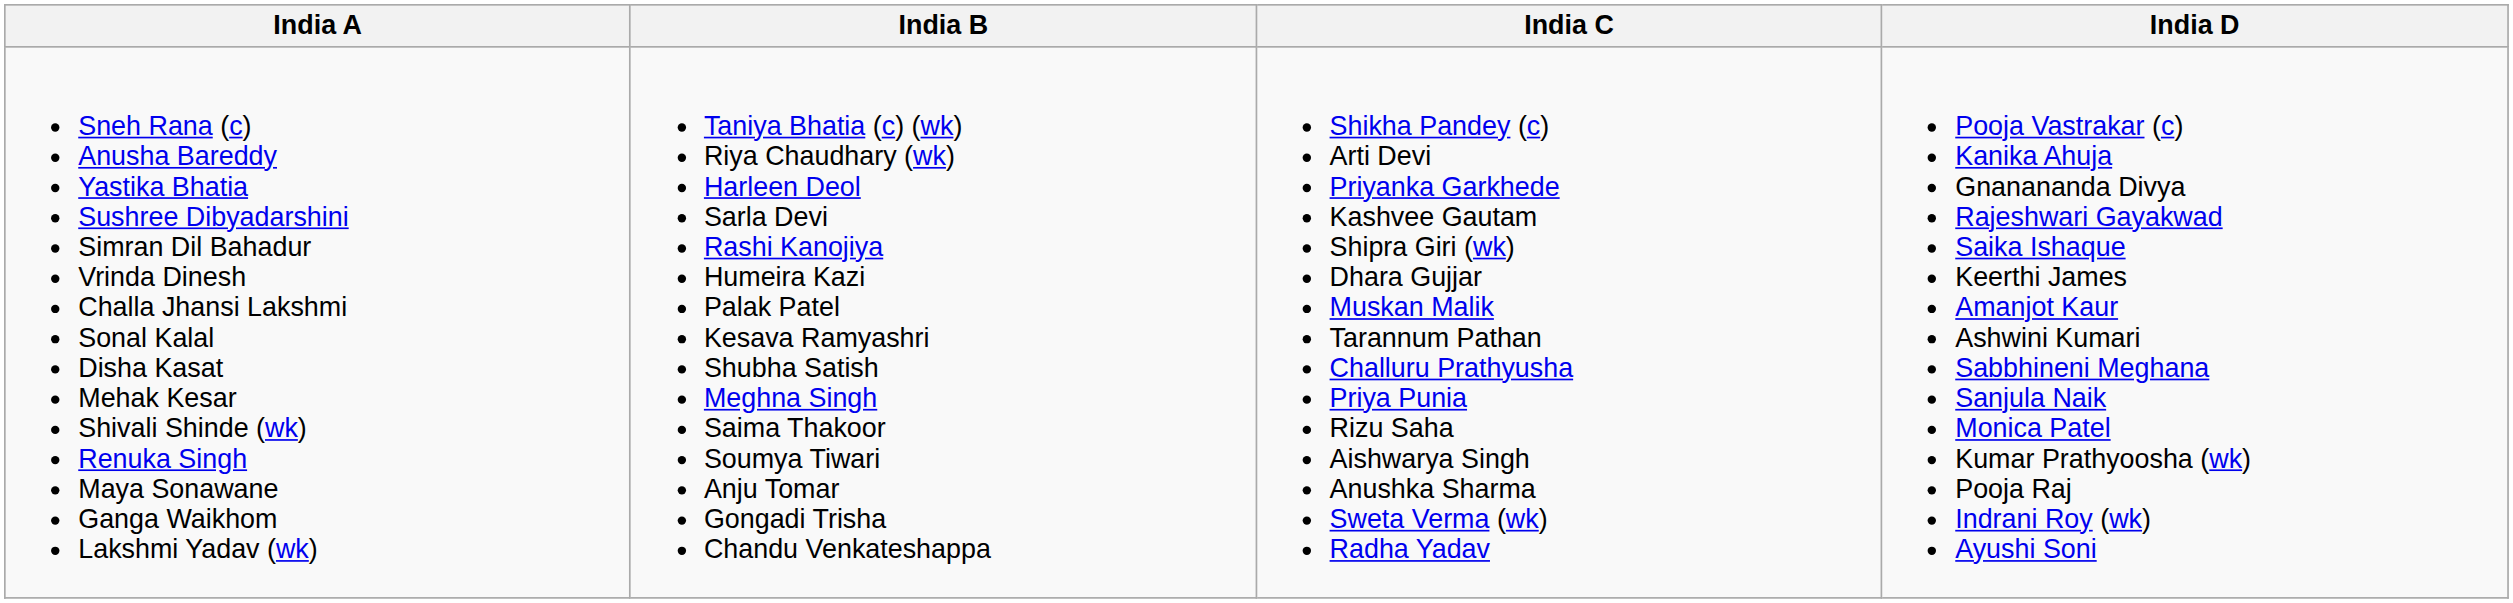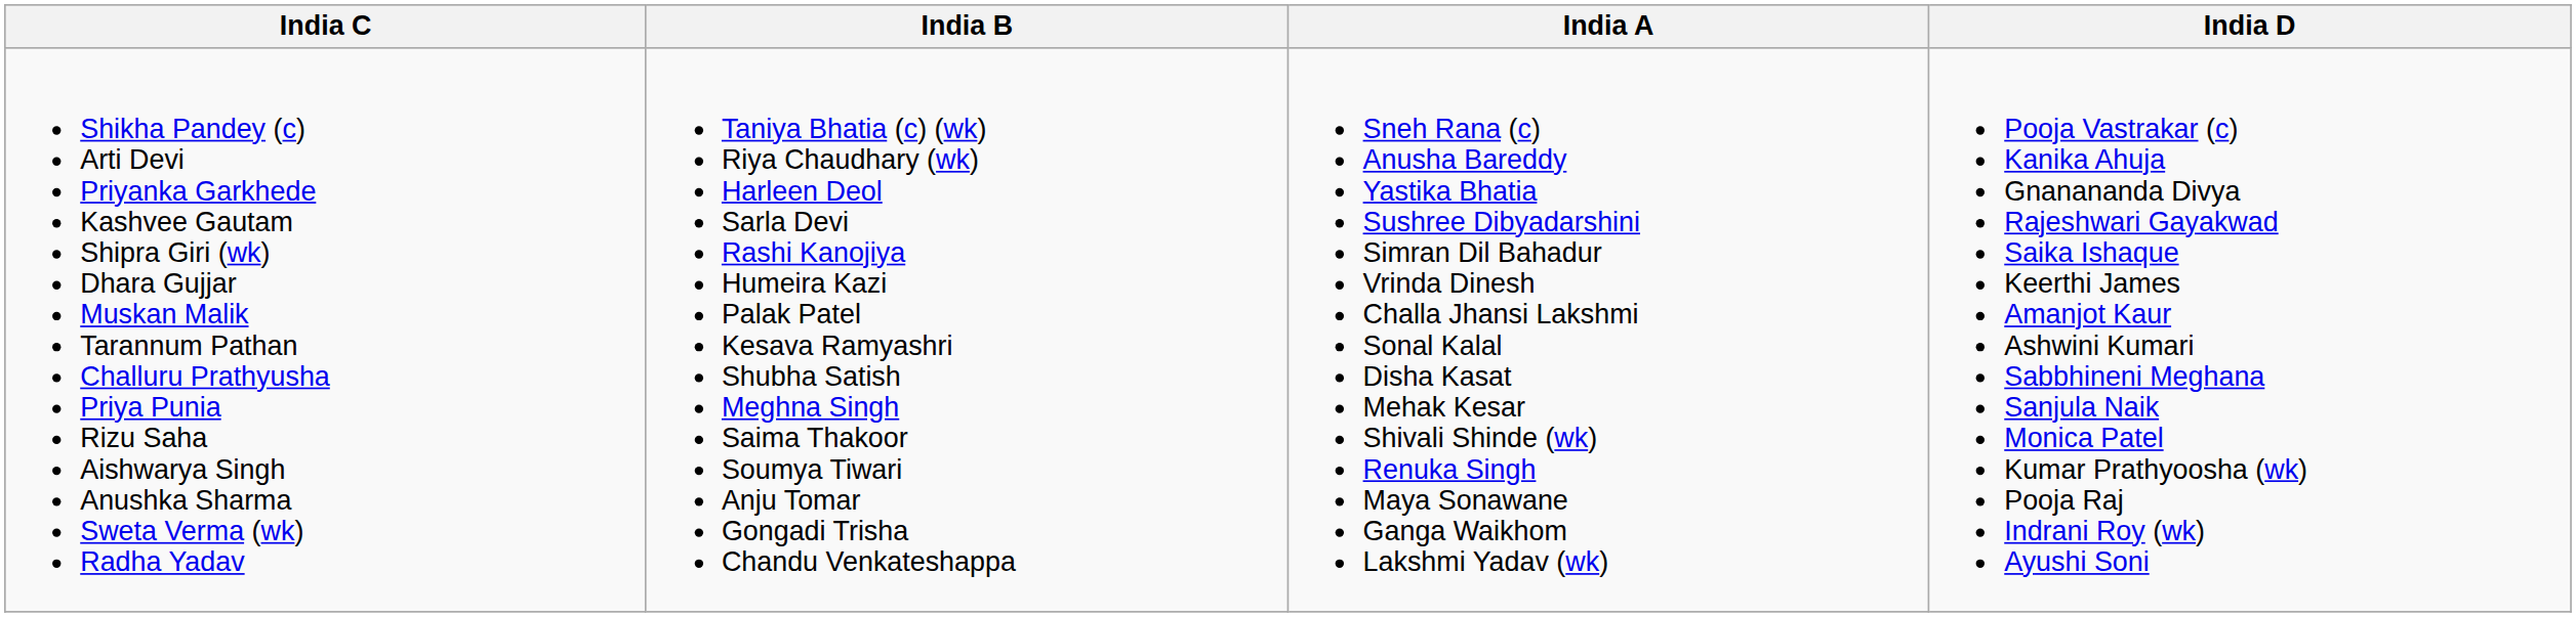 <table class="wikitable">
 <tr>
+<th style="width:15%;">India C</th>
+<th style="width:15%;">India B</th>
 <th style="width:15%;">India A</th>
-<th style="width:15%;">India B</th>
-<th style="width:15%;">India C</th>
 <th style="width:15%;">India D</th>
 </tr>
 <tr style="vertical-align:top">
+<td><br><ul><li><a href='#'>Shikha Pandey</a> (<a href='#'>c</a>)</li><li>Arti Devi</li><li><a href='#'>Priyanka Garkhede</a></li><li>Kashvee Gautam</li><li>Shipra Giri (<a href='#'>wk</a>)</li><li>Dhara Gujjar</li><li><a href='#'>Muskan Malik</a></li><li>Tarannum Pathan</li><li><a href='#'>Challuru Prathyusha</a></li><li><a href='#'>Priya Punia</a></li><li>Rizu Saha</li><li>Aishwarya Singh</li><li>Anushka Sharma</li><li><a href='#'>Sweta Verma</a> (<a href='#'>wk</a>)</li><li><a href='#'>Radha Yadav</a></li></ul></td>
+<td><br><ul><li><a href='#'>Taniya Bhatia</a> (<a href='#'>c</a>) (<a href='#'>wk</a>)</li><li>Riya Chaudhary (<a href='#'>wk</a>)</li><li><a href='#'>Harleen Deol</a></li><li>Sarla Devi</li><li><a href='#'>Rashi Kanojiya</a></li><li>Humeira Kazi</li><li>Palak Patel</li><li>Kesava Ramyashri</li><li>Shubha Satish</li><li><a href='#'>Meghna Singh</a></li><li>Saima Thakoor</li><li>Soumya Tiwari</li><li>Anju Tomar</li><li>Gongadi Trisha</li><li>Chandu Venkateshappa</li></ul></td>
 <td><br><ul><li><a href='#'>Sneh Rana</a> (<a href='#'>c</a>)</li><li><a href='#'>Anusha Bareddy</a></li><li><a href='#'>Yastika Bhatia</a></li><li><a href='#'>Sushree Dibyadarshini</a></li><li>Simran Dil Bahadur</li><li>Vrinda Dinesh</li><li>Challa Jhansi Lakshmi</li><li>Sonal Kalal</li><li>Disha Kasat</li><li>Mehak Kesar</li><li>Shivali Shinde (<a href='#'>wk</a>)</li><li><a href='#'>Renuka Singh</a></li><li>Maya Sonawane</li><li>Ganga Waikhom</li><li>Lakshmi Yadav (<a href='#'>wk</a>)</li></ul></td>
-<td><br><ul><li><a href='#'>Taniya Bhatia</a> (<a href='#'>c</a>) (<a href='#'>wk</a>)</li><li>Riya Chaudhary (<a href='#'>wk</a>)</li><li><a href='#'>Harleen Deol</a></li><li>Sarla Devi</li><li><a href='#'>Rashi Kanojiya</a></li><li>Humeira Kazi</li><li>Palak Patel</li><li>Kesava Ramyashri</li><li>Shubha Satish</li><li><a href='#'>Meghna Singh</a></li><li>Saima Thakoor</li><li>Soumya Tiwari</li><li>Anju Tomar</li><li>Gongadi Trisha</li><li>Chandu Venkateshappa</li></ul></td>
-<td><br><ul><li><a href='#'>Shikha Pandey</a> (<a href='#'>c</a>)</li><li>Arti Devi</li><li><a href='#'>Priyanka Garkhede</a></li><li>Kashvee Gautam</li><li>Shipra Giri (<a href='#'>wk</a>)</li><li>Dhara Gujjar</li><li><a href='#'>Muskan Malik</a></li><li>Tarannum Pathan</li><li><a href='#'>Challuru Prathyusha</a></li><li><a href='#'>Priya Punia</a></li><li>Rizu Saha</li><li>Aishwarya Singh</li><li>Anushka Sharma</li><li><a href='#'>Sweta Verma</a> (<a href='#'>wk</a>)</li><li><a href='#'>Radha Yadav</a></li></ul></td>
 <td><br><ul><li><a href='#'>Pooja Vastrakar</a> (<a href='#'>c</a>)</li><li><a href='#'>Kanika Ahuja</a></li><li>Gnanananda Divya</li><li><a href='#'>Rajeshwari Gayakwad</a></li><li><a href='#'>Saika Ishaque</a></li><li>Keerthi James</li><li><a href='#'>Amanjot Kaur</a></li><li>Ashwini Kumari</li><li><a href='#'>Sabbhineni Meghana</a></li><li><a href='#'>Sanjula Naik</a></li><li><a href='#'>Monica Patel</a></li><li>Kumar Prathyoosha (<a href='#'>wk</a>)</li><li>Pooja Raj</li><li><a href='#'>Indrani Roy</a> (<a href='#'>wk</a>)</li><li><a href='#'>Ayushi Soni</a></li></ul></td>
 </tr>
 </table>
